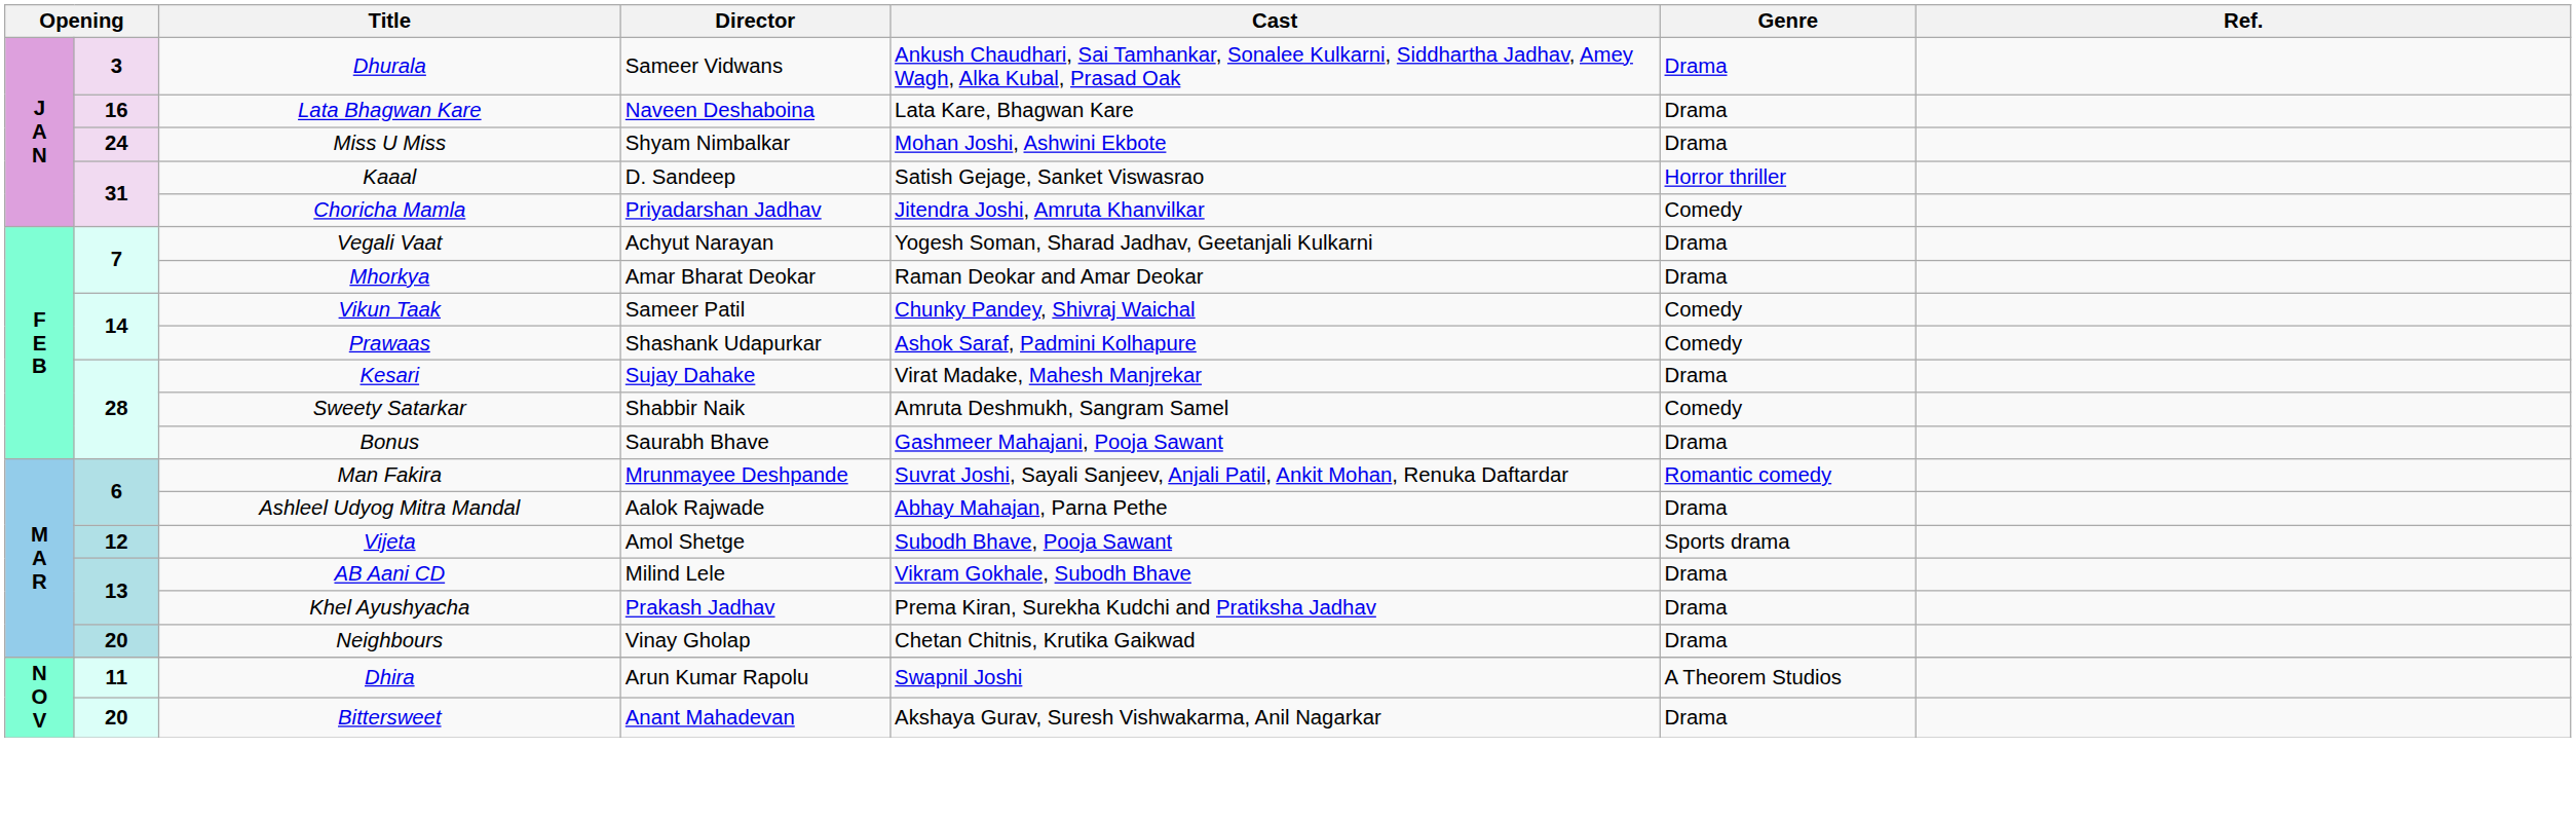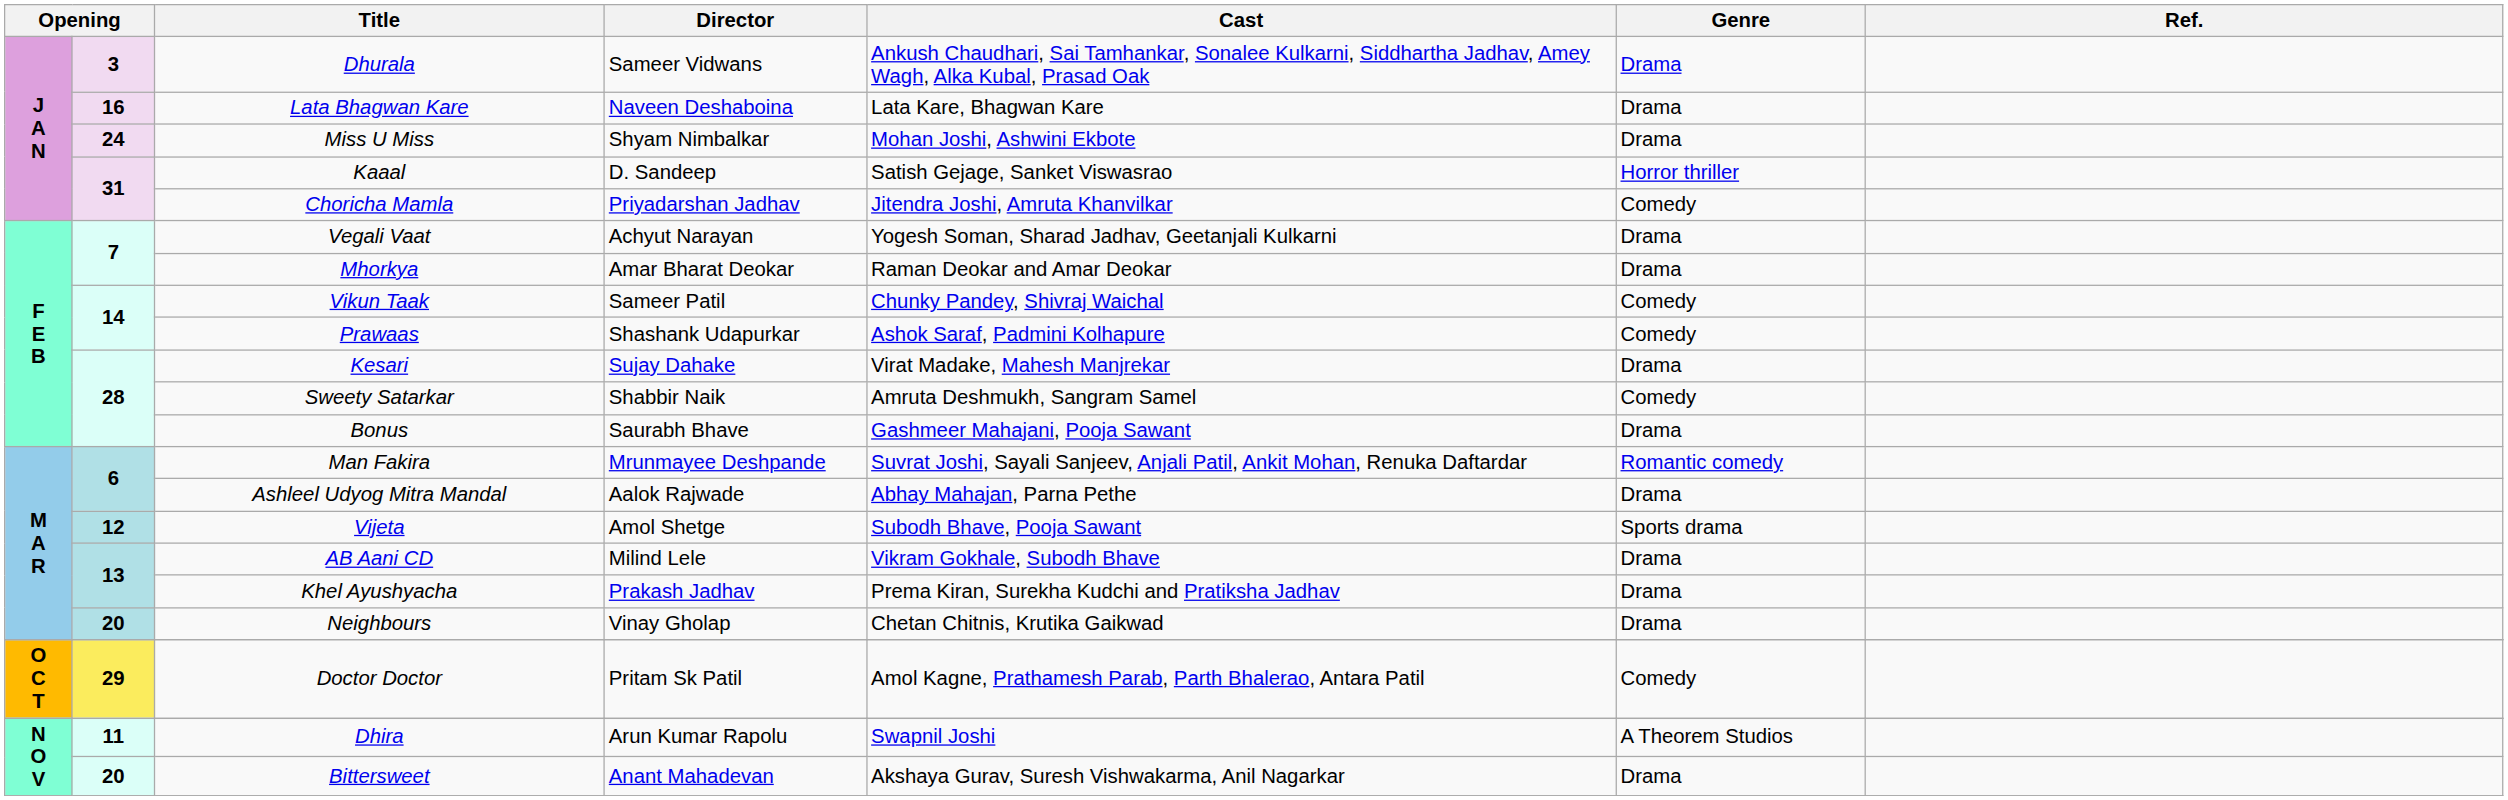 <table class="wikitable sortable">
 <tr>
 <th colspan="2" style="width:6%;"><strong>Opening</strong></th>
 <th style="width:18%;"><strong>Title</strong></th>
 <th style="width:10.5%;"><strong>Director</strong></th>
 <th style="width:30%;"><strong>Cast</strong></th>
 <th style="width:10%;"><strong>Genre</strong></th>
 <th>Ref.</th>
 </tr>
 <tr January>
 <th rowspan="5" style="text-align:center; background:plum; textcolor:#000;"><strong>J<br>A<br>N</strong></th>
 <td rowspan="1" style="text-align:center;background:#f1daf1;"><strong>3</strong></td>
 <td style="text-align:center;"><em><a href='#'>Dhurala</a></em></td>
 <td>Sameer Vidwans</td>
 <td><a href='#'>Ankush Chaudhari</a>, <a href='#'>Sai Tamhankar</a>, <a href='#'>Sonalee Kulkarni</a>, <a href='#'>Siddhartha Jadhav</a>, <a href='#'>Amey Wagh</a>, <a href='#'>Alka Kubal</a>, <a href='#'>Prasad Oak</a></td>
 <td><a href='#'>Drama</a></td>
 <td></td>
 </tr>
 <tr>
 <td rowspan="1" style="text-align:center;background:#f1daf1;"><strong>16</strong></td>
 <td style="text-align:center;"><em><a href='#'>Lata Bhagwan Kare</a></em></td>
 <td><a href='#'>Naveen Deshaboina</a></td>
 <td>Lata Kare, Bhagwan Kare</td>
 <td>Drama</td>
 <td></td>
 </tr>
 <tr>
 <td rowspan="1" style="text-align:center;background:#f1daf1;"><strong>24</strong></td>
 <td style="text-align:center;"><em>Miss U Miss</em></td>
 <td>Shyam Nimbalkar</td>
 <td><a href='#'>Mohan Joshi</a>, <a href='#'>Ashwini Ekbote</a></td>
 <td>Drama</td>
 <td></td>
 </tr>
 <tr>
 <td rowspan="2" style="text-align:center;background:#f1daf1;"><strong>31</strong></td>
 <td style="text-align:center;"><em>Kaaal</em></td>
 <td>D. Sandeep</td>
 <td>Satish Gejage, Sanket Viswasrao</td>
 <td><a href='#'>Horror thriller</a></td>
 <td></td>
 </tr>
 <tr>
 <td style="text-align:center;"><em><a href='#'>Choricha Mamla</a></em></td>
 <td><a href='#'>Priyadarshan Jadhav</a></td>
 <td><a href='#'>Jitendra Joshi</a>, <a href='#'>Amruta Khanvilkar</a></td>
 <td>Comedy</td>
 <td></td>
 </tr>
 <tr February>
 <td rowspan="7" style="text-align:center; background:#7FFFD4; textcolor:#000;"><strong>F<br>E<br>B</strong></td>
 <td rowspan="2" style="text-align:center;background:#dbfff8;"><strong>7</strong></td>
 <td style="text-align:center;"><em>Vegali Vaat</em></td>
 <td>Achyut Narayan</td>
 <td>Yogesh Soman, Sharad Jadhav, Geetanjali Kulkarni</td>
 <td>Drama</td>
 <td></td>
 </tr>
 <tr>
 <td style="text-align:center;"><em><a href='#'>Mhorkya</a></em></td>
 <td>Amar Bharat Deokar</td>
 <td>Raman Deokar and Amar Deokar</td>
 <td>Drama</td>
 <td></td>
 </tr>
 <tr>
 <td rowspan="2" style="text-align:center;background:#dbfff8;"><strong>14</strong></td>
 <td style="text-align:center;"><em><a href='#'>Vikun Taak</a></em></td>
 <td>Sameer Patil</td>
 <td><a href='#'>Chunky Pandey</a>, <a href='#'>Shivraj Waichal</a></td>
 <td>Comedy</td>
 <td></td>
 </tr>
 <tr>
 <td style="text-align:center;"><em><a href='#'>Prawaas</a></em></td>
 <td>Shashank Udapurkar</td>
 <td><a href='#'>Ashok Saraf</a>, <a href='#'>Padmini Kolhapure</a></td>
 <td>Comedy</td>
 <td></td>
 </tr>
 <tr>
 <td rowspan="3" style="text-align:center;background:#dbfff8;"><strong>28</strong></td>
 <td style="text-align:center;"><em><a href='#'>Kesari</a></em></td>
 <td><a href='#'>Sujay Dahake</a></td>
 <td>Virat Madake, <a href='#'>Mahesh Manjrekar</a></td>
 <td>Drama</td>
 <td></td>
 </tr>
 <tr>
 <td style="text-align:center;"><em>Sweety Satarkar</em></td>
 <td>Shabbir Naik</td>
 <td>Amruta Deshmukh, Sangram Samel</td>
 <td>Comedy</td>
 <td></td>
 </tr>
 <tr>
 <td style="text-align:center;"><em>Bonus</em></td>
 <td>Saurabh Bhave</td>
 <td><a href='#'>Gashmeer Mahajani</a>, <a href='#'>Pooja Sawant</a></td>
 <td>Drama</td>
 <td></td>
 </tr>
 <tr March>
 <td rowspan="6" style="text-align:center; background:#93CCEA; textcolor:#000;"><strong>M<br>A<br>R</strong></td>
 <td rowspan="2" style="text-align:center;background:#B0E0E6;"><strong>6</strong></td>
 <td style="text-align:center;"><em>Man Fakira</em></td>
 <td><a href='#'>Mrunmayee Deshpande</a></td>
 <td><a href='#'>Suvrat Joshi</a>, Sayali Sanjeev, <a href='#'>Anjali Patil</a>, <a href='#'>Ankit Mohan</a>, Renuka Daftardar</td>
 <td><a href='#'>Romantic comedy</a></td>
 <td></td>
 </tr>
 <tr>
 <td style="text-align:center;"><em>Ashleel Udyog Mitra Mandal</em></td>
 <td>Aalok Rajwade</td>
 <td><a href='#'>Abhay Mahajan</a>, Parna Pethe</td>
 <td>Drama</td>
 <td></td>
 </tr>
 <tr>
 <td rowspan="1" style="text-align:center;background:#B0E0E6;"><strong>12</strong></td>
 <td style="text-align:center;"><em><a href='#'>Vijeta</a></em></td>
 <td>Amol Shetge</td>
 <td><a href='#'>Subodh Bhave</a>, <a href='#'>Pooja Sawant</a></td>
 <td>Sports drama</td>
 <td></td>
 </tr>
 <tr>
 <td rowspan="2" style="text-align:center;background:#B0E0E6;"><strong>13</strong></td>
 <td style="text-align:center;"><em><a href='#'>AB Aani CD</a></em></td>
 <td>Milind Lele</td>
 <td><a href='#'>Vikram Gokhale</a>, <a href='#'>Subodh Bhave</a></td>
 <td>Drama</td>
 <td></td>
 </tr>
 <tr>
 <td style="text-align:center;"><em>Khel Ayushyacha</em></td>
 <td><a href='#'>Prakash Jadhav</a></td>
 <td>Prema Kiran, Surekha Kudchi and <a href='#'>Pratiksha Jadhav</a></td>
 <td>Drama</td>
 <td></td>
 </tr>
 <tr>
 <td rowspan="1" style="text-align:center;background:#B0E0E6;"><strong>20</strong></td>
 <td style="text-align:center;"><em>Neighbours</em></td>
 <td>Vinay Gholap</td>
 <td>Chetan Chitnis, Krutika Gaikwad</td>
 <td>Drama</td>
 <td></td>
 </tr>
 <tr style="background:#b0e0e6; text-align:center;">
 </tr>
+<tr October>
+<td rowspan="1" style="text-align:center; background:#ffba00; textcolor:#000;"><strong>O<br>C<br>T</strong></td>
+<td rowspan="1" style="text-align:center; background:#fbec5d;"><strong>29</strong></td>
+<td style="text-align:center;"><em>Doctor Doctor</em></td>
+<td>Pritam Sk Patil</td>
+<td>Amol Kagne, <a href='#'>Prathamesh Parab</a>, <a href='#'>Parth Bhalerao</a>, Antara Patil</td>
+<td>Comedy</td>
+<td></td>
+</tr>
 <tr>
 </tr>
 <tr November>
 <td rowspan="2" style="text-align:center; background:#7FFFD4; textcolor:#000;"><strong>N<br>O<br>V</strong></td>
 <td style="text-align:center;background:#dbfff8"><strong>11</strong></td>
 <td style="text-align:center;"><em><a href='#'>Dhira</a></em></td>
 <td>Arun Kumar Rapolu</td>
 <td><a href='#'>Swapnil Joshi</a></td>
 <td>A Theorem Studios</td>
 <td></td>
 </tr>
 <tr>
 <td style="text-align:center;background:#dbfff8"><strong>20</strong></td>
 <td style="text-align:center;"><em><a href='#'>Bittersweet</a></em></td>
 <td><a href='#'>Anant Mahadevan</a></td>
 <td>Akshaya Gurav, Suresh Vishwakarma, Anil Nagarkar</td>
 <td>Drama</td>
 <td></td>
 </tr>
 <tr>
 </tr>
 </table>
